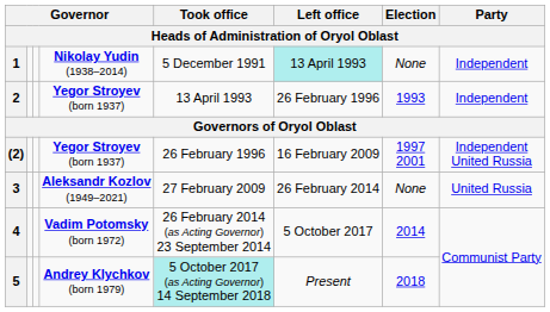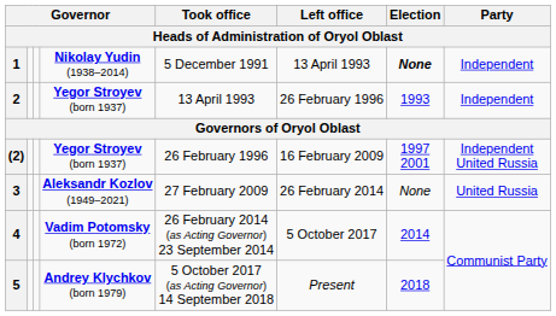 <table class="wikitable" style="text-align: center;">
 <tr>
 <th colspan="4">Governor</th>
 <th>Took office</th>
 <th>Left office</th>
 <th>Election</th>
 <th>Party</th>
 </tr>
 <tr>
 <th colspan=8>Heads of Administration of Oryol Oblast</th>
 </tr>
 <tr>
 <th>1</th>
 <td></td>
 <td style="background: "></td>
 <td><strong><a href='#'>Nikolay Yudin</a></strong><br><small>(1938–2014)</small></td>
 <td>5 December 1991</td>
-<td style="background: paleturquoise;">13 April 1993</td>
-<td><em>None</em></td>
+<td>13 April 1993</td>
+<td><strong><em>None</em></strong></td>
 <td><a href='#'>Independent</a></td>
 </tr>
 <tr>
 <th>2</th>
 <td></td>
 <td style="background: "></td>
 <td><strong><a href='#'>Yegor Stroyev</a></strong><br><small>(born 1937)</small></td>
 <td>13 April 1993</td>
 <td>26 February 1996</td>
 <td><a href='#'>1993</a></td>
 <td><a href='#'>Independent</a></td>
 </tr>
 <tr>
 <th colspan=8>Governors of Oryol Oblast</th>
 </tr>
 <tr>
 <th>(2)</th>
 <td></td>
 <td style="background: "></td>
 <td><strong><a href='#'>Yegor Stroyev</a></strong><br><small>(born 1937)</small></td>
 <td>26 February 1996</td>
 <td>16 February 2009</td>
 <td><a href='#'>1997</a><br><a href='#'>2001</a></td>
 <td><a href='#'>Independent</a><br><a href='#'>United Russia</a></td>
 </tr>
 <tr>
 <th>3</th>
 <td></td>
 <td style="background: "></td>
 <td><strong><a href='#'>Aleksandr Kozlov</a></strong><br><small>(1949–2021)</small></td>
 <td>27 February 2009</td>
 <td>26 February 2014</td>
 <td><em>None</em></td>
 <td><a href='#'>United Russia</a></td>
 </tr>
 <tr>
 <th>4</th>
 <td></td>
 <td style="background: "></td>
 <td><strong><a href='#'>Vadim Potomsky</a></strong><br><small>(born 1972)</small></td>
 <td>26 February 2014 <br><small>(<em>as Acting Governor</em>)</small><br>23 September 2014</td>
 <td>5 October 2017</td>
 <td><a href='#'>2014</a></td>
 <td rowspan="2"><a href='#'>Communist Party</a></td>
 </tr>
 <tr>
 <th>5</th>
 <td></td>
 <td style="background: "></td>
 <td><strong><a href='#'>Andrey Klychkov</a></strong><br><small>(born 1979)</small></td>
-<td style="background: paleturquoise;">5 October 2017<br><small>(<em>as Acting Governor</em>)</small><br>14 September 2018</td>
+<td>5 October 2017<br><small>(<em>as Acting Governor</em>)</small><br>14 September 2018</td>
 <td><em>Present</em></td>
 <td><a href='#'>2018</a></td>
 </tr>
 </table>
